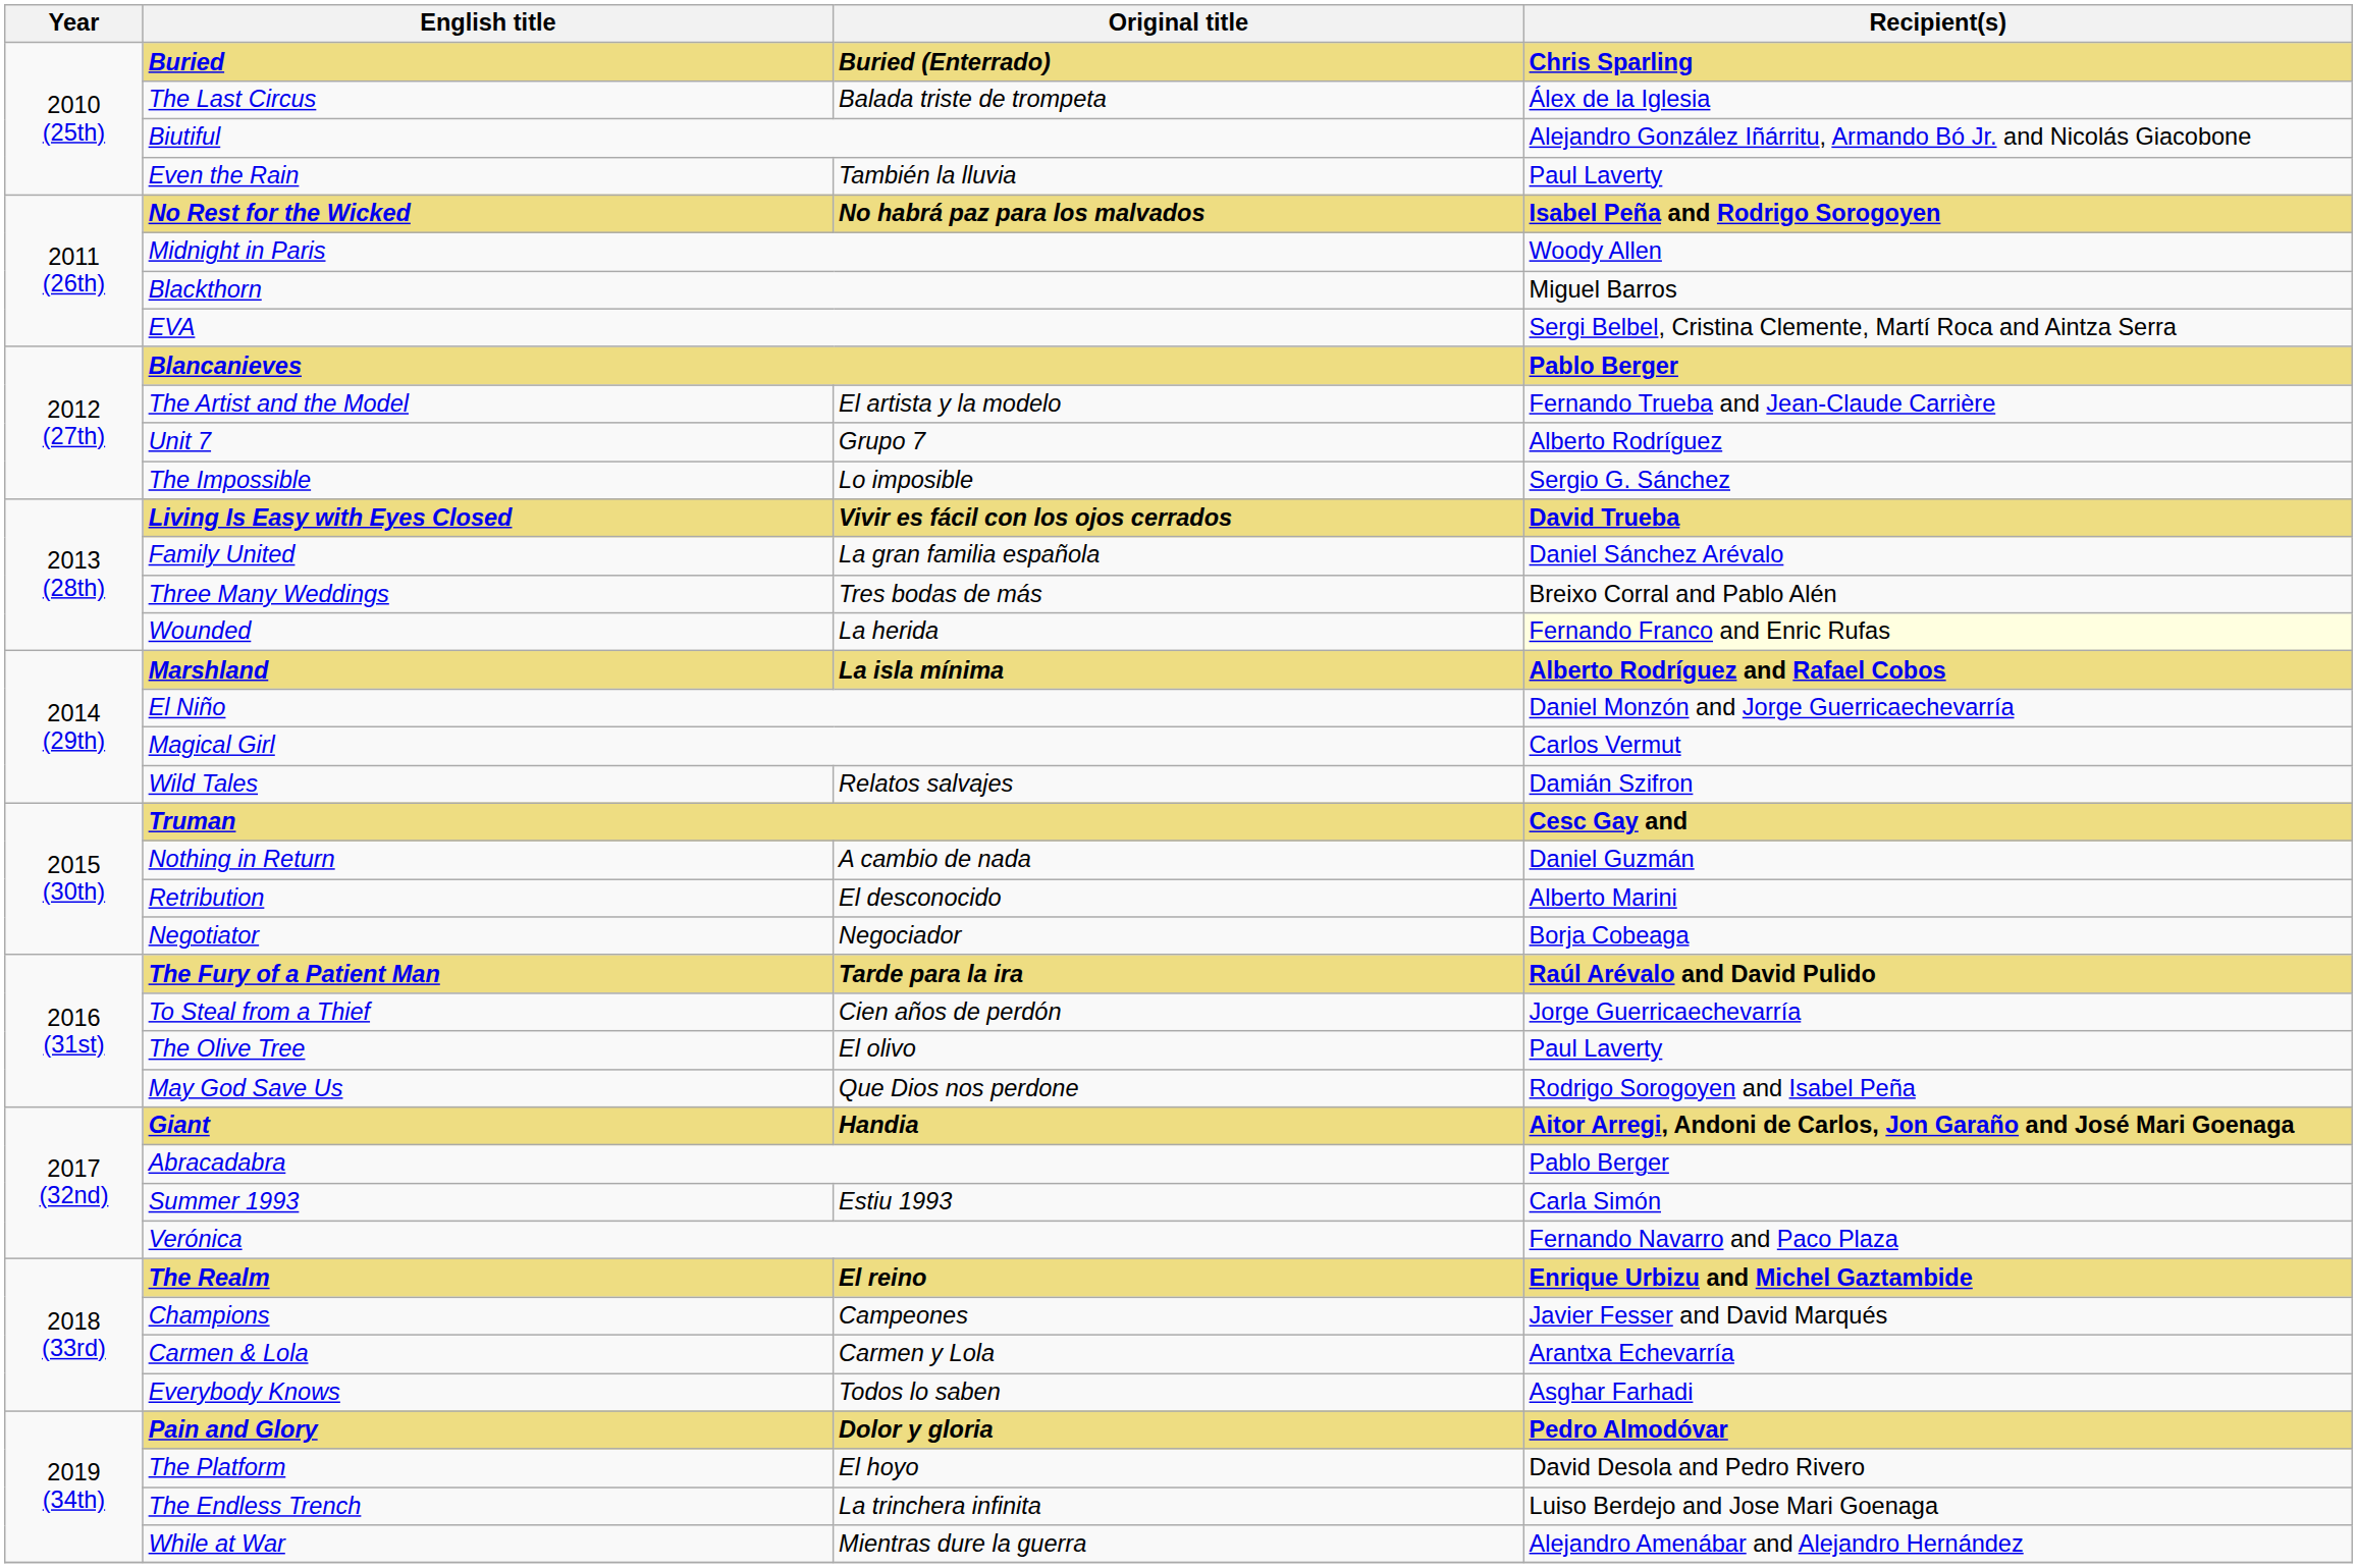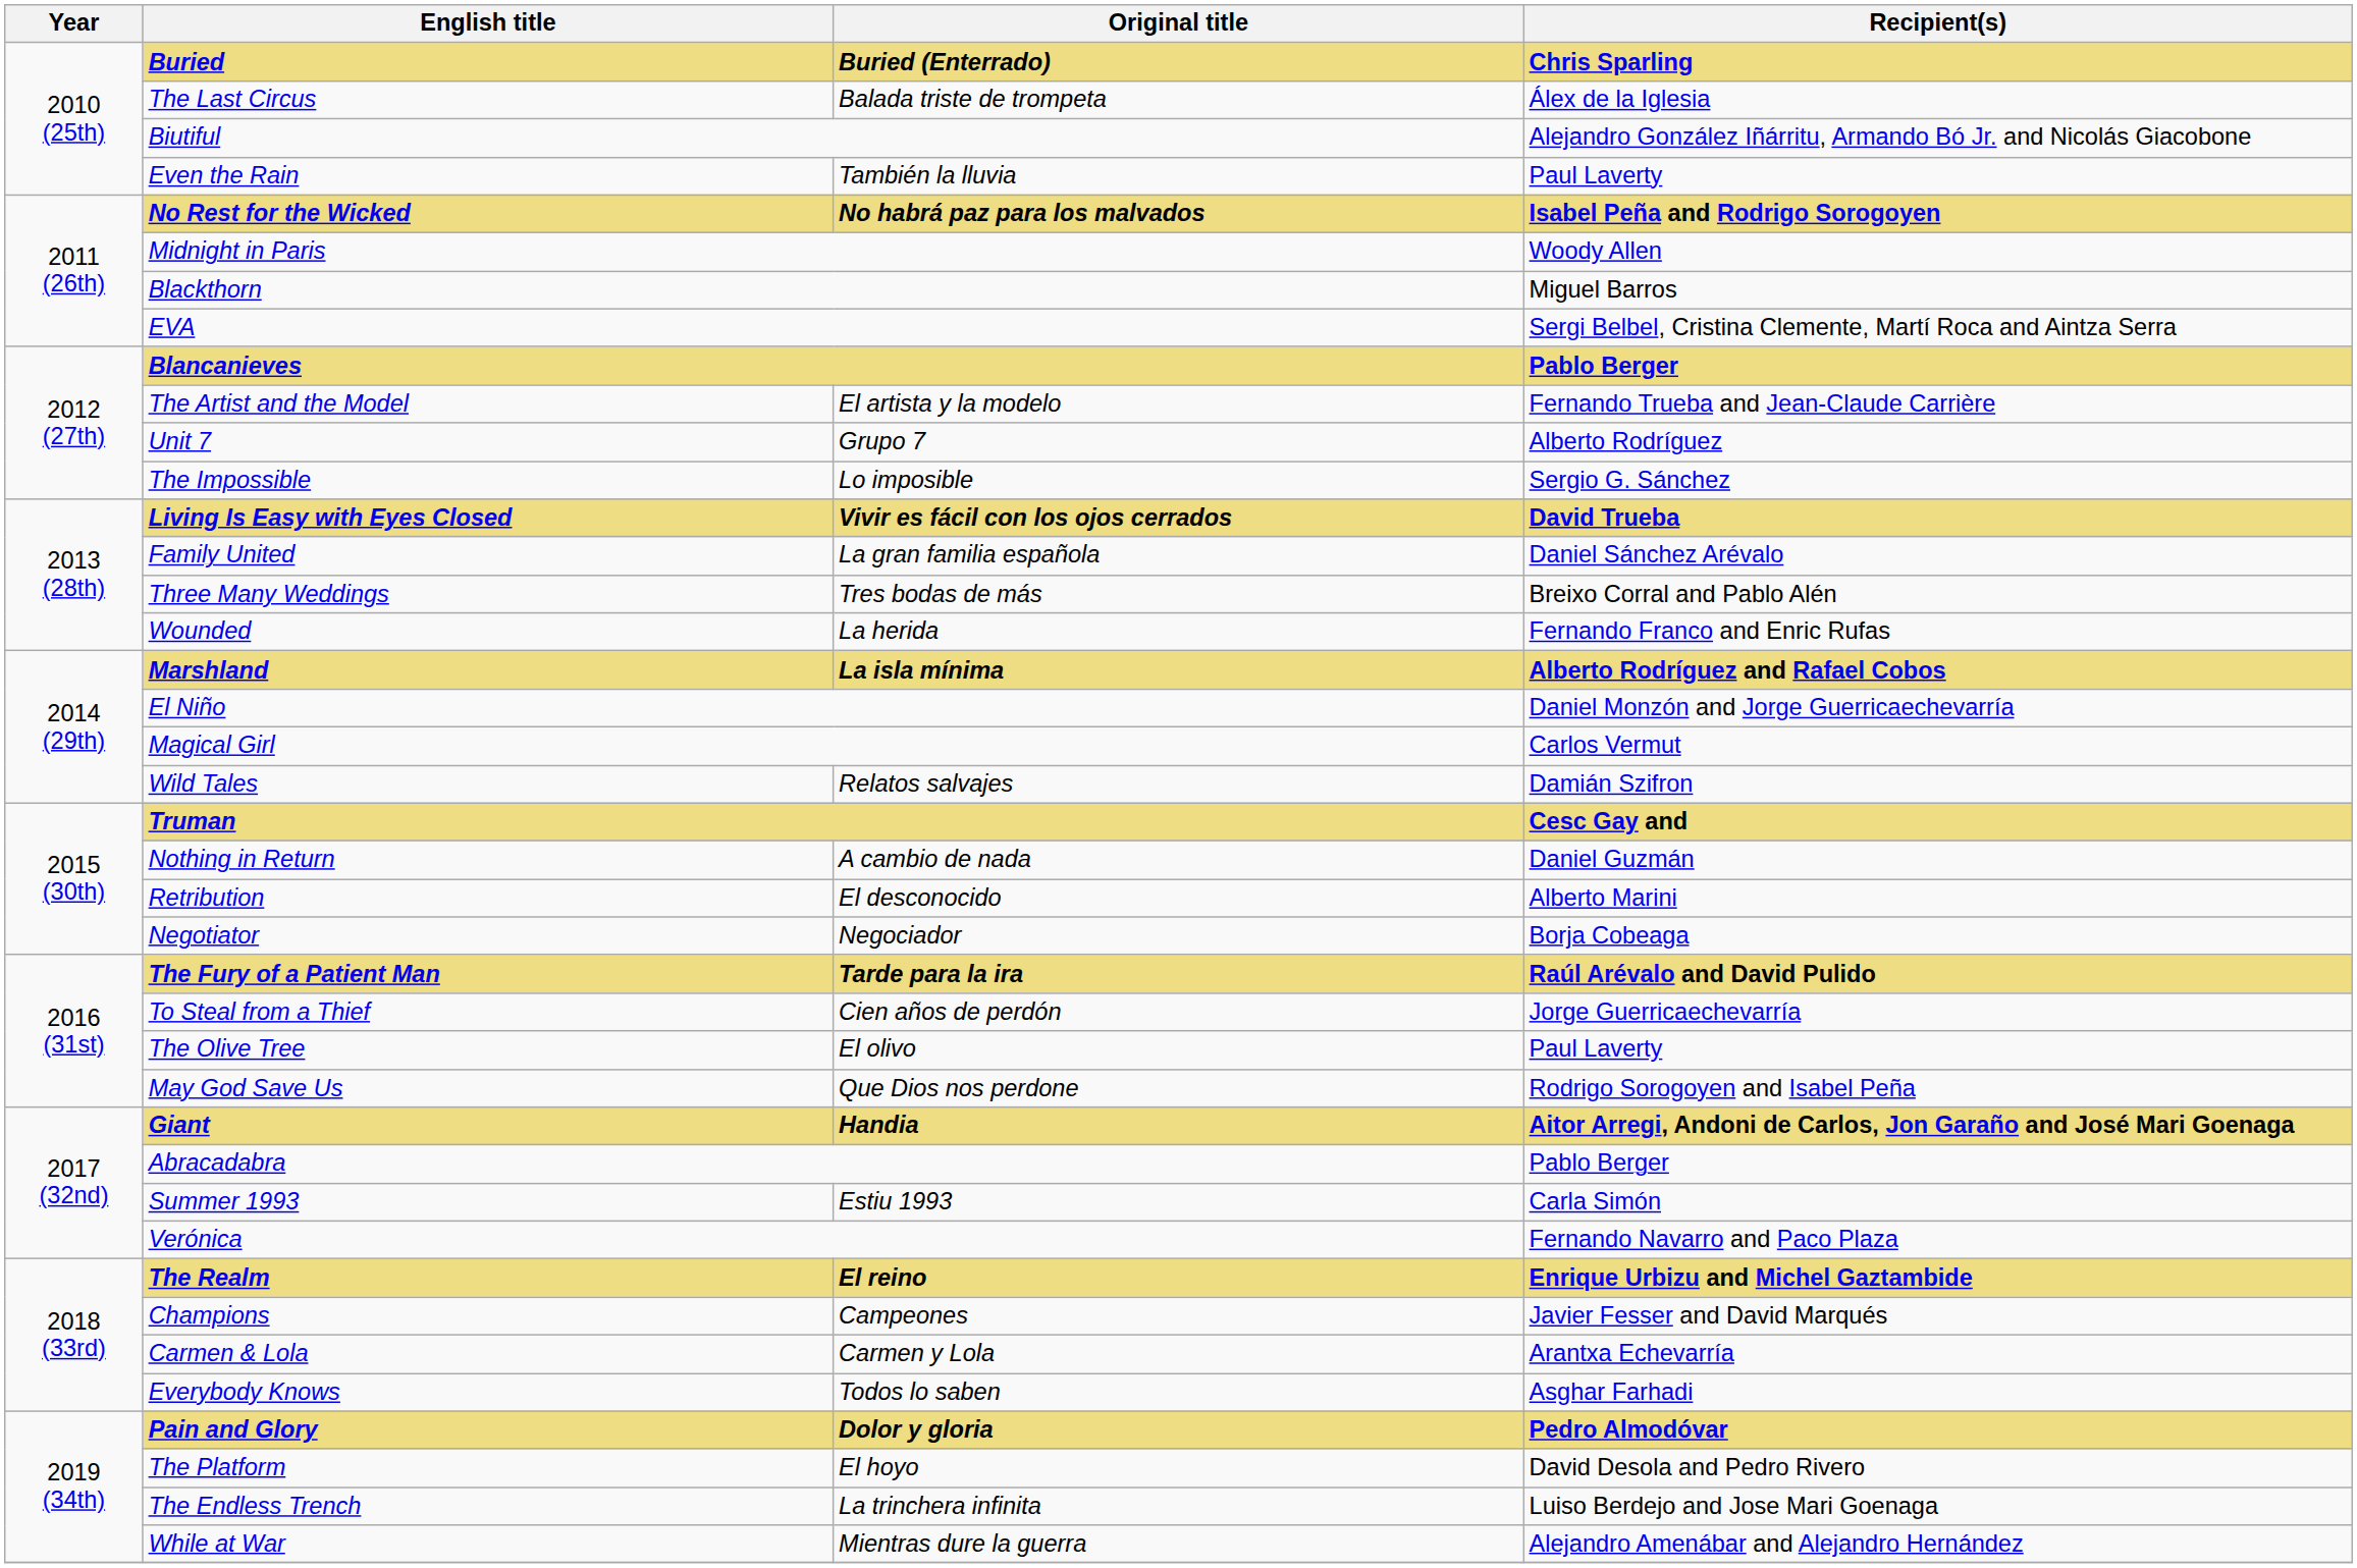 <table class="wikitable sortable" style="text-align:left;"style="width:95%">
 <tr>
 <th scope="col" style="width:5%;">Year</th>
 <th scope="col" style="width:25%;">English title</th>
 <th scope="col" style="width:25%;">Original title</th>
 <th scope="col" style="width:30%;">Recipient(s)</th>
 </tr>
 <tr>
 <td rowspan="4" style="text-align:center;">2010<br><a href='#'>(25th)</a></td>
 <td style="background:#eedd82;"><strong><em><a href='#'>Buried</a></em></strong></td>
 <td style="background:#eedd82;"><strong><em>Buried (Enterrado)</em></strong></td>
 <td style="background:#eedd82;"><strong><a href='#'>Chris Sparling</a></strong></td>
 </tr>
 <tr>
 <td><em><a href='#'>The Last Circus</a></em></td>
 <td><em>Balada triste de trompeta</em></td>
 <td><a href='#'>Álex de la Iglesia</a></td>
 </tr>
 <tr>
 <td colspan="2"><em><a href='#'>Biutiful</a></em></td>
 <td><a href='#'>Alejandro González Iñárritu</a>, <a href='#'>Armando Bó Jr.</a> and Nicolás Giacobone</td>
 </tr>
 <tr>
 <td><em><a href='#'>Even the Rain</a></em></td>
 <td><em>También la lluvia</em></td>
 <td><a href='#'>Paul Laverty</a></td>
 </tr>
 <tr>
 <td rowspan="4" style="text-align:center;">2011<br><a href='#'>(26th)</a></td>
 <td style="background:#eedd82;"><strong><em><a href='#'>No Rest for the Wicked</a></em></strong></td>
 <td style="background:#eedd82;"><strong><em>No habrá paz para los malvados</em></strong></td>
 <td style="background:#eedd82;"><strong><a href='#'>Isabel Peña</a> and <a href='#'>Rodrigo Sorogoyen</a></strong></td>
 </tr>
 <tr>
 <td colspan="2"><em><a href='#'>Midnight in Paris</a></em></td>
 <td><a href='#'>Woody Allen</a></td>
 </tr>
 <tr>
 <td colspan="2"><em><a href='#'>Blackthorn</a></em></td>
 <td>Miguel Barros</td>
 </tr>
 <tr>
 <td colspan="2"><em><a href='#'>EVA</a></em></td>
 <td><a href='#'>Sergi Belbel</a>, Cristina Clemente, Martí Roca and Aintza Serra</td>
 </tr>
 <tr>
 <td rowspan="4" style="text-align:center;">2012<br><a href='#'>(27th)</a></td>
 <td colspan="2" style="background:#eedd82;"><strong><em><a href='#'>Blancanieves</a></em></strong></td>
 <td style="background:#eedd82;"><strong><a href='#'>Pablo Berger</a></strong></td>
 </tr>
 <tr>
 <td><em><a href='#'>The Artist and the Model</a></em></td>
 <td><em>El artista y la modelo</em></td>
 <td><a href='#'>Fernando Trueba</a> and <a href='#'>Jean-Claude Carrière</a></td>
 </tr>
 <tr>
 <td><em><a href='#'>Unit 7</a></em></td>
 <td><em>Grupo 7</em></td>
 <td><a href='#'>Alberto Rodríguez</a></td>
 </tr>
 <tr>
 <td><em><a href='#'>The Impossible</a></em></td>
 <td><em>Lo imposible</em></td>
 <td><a href='#'>Sergio G. Sánchez</a></td>
 </tr>
 <tr>
 <td rowspan="4" style="text-align:center;">2013<br><a href='#'>(28th)</a></td>
 <td style="background:#eedd82;"><strong><em><a href='#'>Living Is Easy with Eyes Closed</a></em></strong></td>
 <td style="background:#eedd82;"><strong><em>Vivir es fácil con los ojos cerrados</em></strong></td>
 <td style="background:#eedd82;"><strong><a href='#'>David Trueba</a></strong></td>
 </tr>
 <tr>
 <td><em><a href='#'>Family United</a></em></td>
 <td><em>La gran familia española</em></td>
 <td><a href='#'>Daniel Sánchez Arévalo</a></td>
 </tr>
 <tr>
 <td><em><a href='#'>Three Many Weddings</a></em></td>
 <td><em>Tres bodas de más</em></td>
 <td>Breixo Corral and Pablo Alén</td>
 </tr>
 <tr>
 <td><em><a href='#'>Wounded</a></em></td>
 <td><em>La herida</em></td>
-<td style="background: lightyellow;"><a href='#'>Fernando Franco</a> and Enric Rufas</td>
+<td><a href='#'>Fernando Franco</a> and Enric Rufas</td>
 </tr>
 <tr>
 <td rowspan="4" style="text-align:center;">2014<br><a href='#'>(29th)</a></td>
 <td style="background:#eedd82;"><strong><em><a href='#'>Marshland</a></em></strong></td>
 <td style="background:#eedd82;"><strong><em>La isla mínima</em></strong></td>
 <td style="background:#eedd82;"><strong><a href='#'>Alberto Rodríguez</a> and <a href='#'>Rafael Cobos</a></strong></td>
 </tr>
 <tr>
 <td colspan="2"><em><a href='#'>El Niño</a></em></td>
 <td><a href='#'>Daniel Monzón</a> and <a href='#'>Jorge Guerricaechevarría</a></td>
 </tr>
 <tr>
 <td colspan="2"><em><a href='#'>Magical Girl</a></em></td>
 <td><a href='#'>Carlos Vermut</a></td>
 </tr>
 <tr>
 <td><em><a href='#'>Wild Tales</a></em></td>
 <td><em>Relatos salvajes</em></td>
 <td><a href='#'>Damián Szifron</a></td>
 </tr>
 <tr>
 <td rowspan="4" style="text-align:center;">2015<br><a href='#'>(30th)</a></td>
 <td colspan="2" style="background:#eedd82;"><strong><em><a href='#'>Truman</a></em></strong></td>
 <td style="background:#eedd82;"><strong><a href='#'>Cesc Gay</a> and </strong></td>
 </tr>
 <tr>
 <td><em><a href='#'>Nothing in Return</a></em></td>
 <td><em>A cambio de nada</em></td>
 <td><a href='#'>Daniel Guzmán</a></td>
 </tr>
 <tr>
 <td><em><a href='#'>Retribution</a></em></td>
 <td><em>El desconocido</em></td>
 <td><a href='#'>Alberto Marini</a></td>
 </tr>
 <tr>
 <td><em><a href='#'>Negotiator</a></em></td>
 <td><em>Negociador</em></td>
 <td><a href='#'>Borja Cobeaga</a></td>
 </tr>
 <tr>
 <td rowspan="4" style="text-align:center;">2016<br><a href='#'>(31st)</a></td>
 <td style="background:#eedd82;"><strong><em><a href='#'>The Fury of a Patient Man</a></em></strong></td>
 <td style="background:#eedd82;"><strong><em>Tarde para la ira</em></strong></td>
 <td style="background:#eedd82;"><strong><a href='#'>Raúl Arévalo</a> and David Pulido</strong></td>
 </tr>
 <tr>
 <td><em><a href='#'>To Steal from a Thief</a></em></td>
 <td><em>Cien años de perdón</em></td>
 <td><a href='#'>Jorge Guerricaechevarría</a></td>
 </tr>
 <tr>
 <td><em><a href='#'>The Olive Tree</a></em></td>
 <td><em>El olivo</em></td>
 <td><a href='#'>Paul Laverty</a></td>
 </tr>
 <tr>
 <td><em><a href='#'>May God Save Us</a></em></td>
 <td><em>Que Dios nos perdone</em></td>
 <td><a href='#'>Rodrigo Sorogoyen</a> and <a href='#'>Isabel Peña</a></td>
 </tr>
 <tr>
 <td rowspan="4" style="text-align:center;">2017<br><a href='#'>(32nd)</a></td>
 <td style="background:#eedd82;"><strong><em><a href='#'>Giant</a></em></strong></td>
 <td style="background:#eedd82;"><strong><em>Handia</em></strong></td>
 <td style="background:#eedd82;"><strong><a href='#'>Aitor Arregi</a>, Andoni de Carlos, <a href='#'>Jon Garaño</a> and José Mari Goenaga</strong></td>
 </tr>
 <tr>
 <td colspan="2"><em><a href='#'>Abracadabra</a></em></td>
 <td><a href='#'>Pablo Berger</a></td>
 </tr>
 <tr>
 <td><em><a href='#'>Summer 1993</a></em></td>
 <td><em>Estiu 1993</em></td>
 <td><a href='#'>Carla Simón</a></td>
 </tr>
 <tr>
 <td colspan="2"><em><a href='#'>Verónica</a></em></td>
 <td><a href='#'>Fernando Navarro</a> and <a href='#'>Paco Plaza</a></td>
 </tr>
 <tr>
 <td rowspan="4" style="text-align:center;">2018<br><a href='#'>(33rd)</a><br></td>
 <td style="background:#eedd82;"><strong><em><a href='#'>The Realm</a></em></strong></td>
 <td style="background:#eedd82;"><strong><em>El reino</em></strong></td>
 <td style="background:#eedd82;"><strong><a href='#'>Enrique Urbizu</a> and <a href='#'>Michel Gaztambide</a></strong></td>
 </tr>
 <tr>
 <td><em><a href='#'>Champions</a></em></td>
 <td><em>Campeones</em></td>
 <td><a href='#'>Javier Fesser</a> and David Marqués</td>
 </tr>
 <tr>
 <td><em><a href='#'>Carmen & Lola</a></em></td>
 <td><em>Carmen y Lola</em></td>
 <td><a href='#'>Arantxa Echevarría</a></td>
 </tr>
 <tr>
 <td><em><a href='#'>Everybody Knows</a></em></td>
 <td><em>Todos lo saben</em></td>
 <td><a href='#'>Asghar Farhadi</a></td>
 </tr>
 <tr>
 <td rowspan="4" style="text-align:center;">2019<br><a href='#'>(34th)</a><br></td>
 <td style="background:#eedd82;"><strong><em><a href='#'>Pain and Glory</a></em></strong></td>
 <td style="background:#eedd82;"><strong><em>Dolor y gloria</em></strong></td>
 <td style="background:#eedd82;"><strong><a href='#'>Pedro Almodóvar</a></strong></td>
 </tr>
 <tr>
 <td><em><a href='#'>The Platform</a></em></td>
 <td><em>El hoyo</em></td>
 <td>David Desola and Pedro Rivero</td>
 </tr>
 <tr>
 <td><em><a href='#'>The Endless Trench</a></em></td>
 <td><em>La trinchera infinita</em></td>
 <td>Luiso Berdejo and Jose Mari Goenaga</td>
 </tr>
 <tr>
 <td><em><a href='#'>While at War</a></em></td>
 <td><em>Mientras dure la guerra</em></td>
 <td><a href='#'>Alejandro Amenábar</a> and <a href='#'>Alejandro Hernández</a></td>
 </tr>
 <tr>
 </tr>
 </table>
